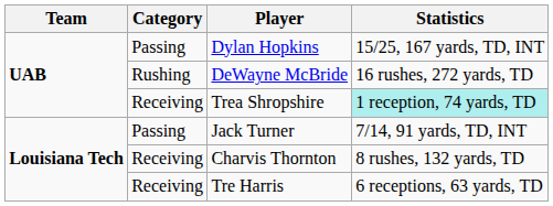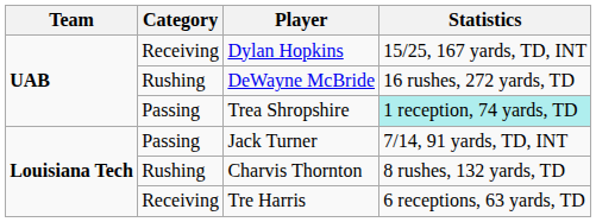 <table class="wikitable" style="float: left;">
 <tr>
 <th>Team</th>
 <th>Category</th>
 <th>Player</th>
 <th>Statistics</th>
 </tr>
 <tr>
 <td rowspan=3><strong>UAB</strong></td>
-<td>Passing</td>
+<td>Receiving</td>
 <td><a href='#'>Dylan Hopkins</a></td>
 <td>15/25, 167 yards, TD, INT</td>
 </tr>
 <tr>
 <td>Rushing</td>
 <td><a href='#'>DeWayne McBride</a></td>
 <td>16 rushes, 272 yards, TD</td>
 </tr>
 <tr>
-<td>Receiving</td>
+<td>Passing</td>
 <td>Trea Shropshire</td>
 <td style="background: paleturquoise;">1 reception, 74 yards, TD</td>
 </tr>
 <tr>
 <td rowspan=3><strong>Louisiana Tech</strong></td>
 <td>Passing</td>
 <td>Jack Turner</td>
 <td>7/14, 91 yards, TD, INT</td>
 </tr>
 <tr>
-<td>Receiving</td>
+<td>Rushing</td>
 <td>Charvis Thornton</td>
 <td>8 rushes, 132 yards, TD</td>
 </tr>
 <tr>
 <td>Receiving</td>
 <td>Tre Harris</td>
 <td>6 receptions, 63 yards, TD</td>
 </tr>
 </table>
